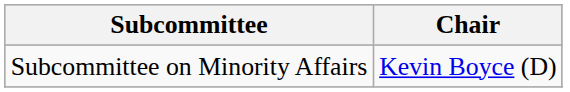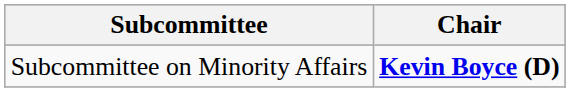 <table class="wikitable">
 <tr>
 <th>Subcommittee</th>
 <th>Chair</th>
 </tr>
 <tr>
 <td>Subcommittee on Minority Affairs</td>
-<td><a href='#'>Kevin Boyce</a> (D)</td>
+<td><strong><a href='#'>Kevin Boyce</a> (D)</strong></td>
 </tr>
 </table>
